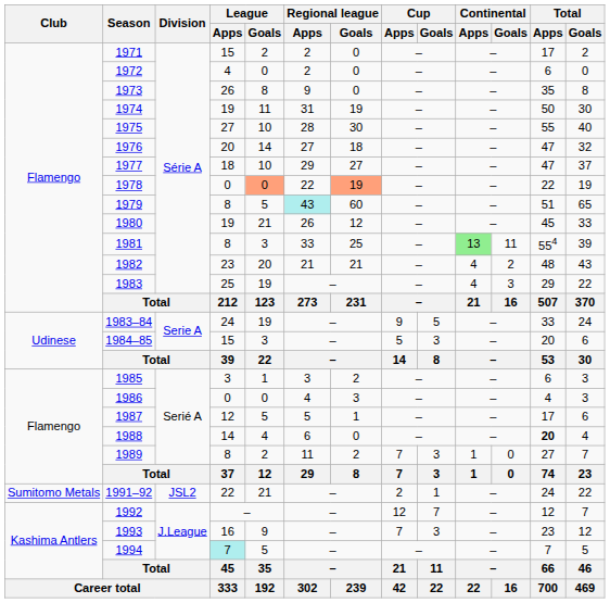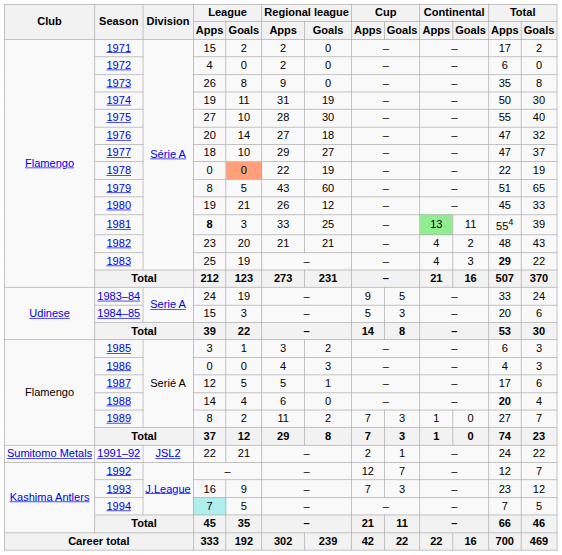 <table class="wikitable" style="text-align:center">
 <tr>
 <th rowspan="2">Club</th>
 <th rowspan="2">Season</th>
 <th rowspan="2">Division</th>
 <th colspan="2">League</th>
 <th colspan="2">Regional league</th>
 <th colspan="2">Cup</th>
 <th colspan="2">Continental</th>
 <th colspan="2">Total</th>
 </tr>
 <tr>
 <th>Apps</th>
 <th>Goals</th>
 <th>Apps</th>
 <th>Goals</th>
 <th>Apps</th>
 <th>Goals</th>
 <th>Apps</th>
 <th>Goals</th>
 <th>Apps</th>
 <th>Goals</th>
 </tr>
 <tr>
 <td rowspan="14"><a href='#'>Flamengo</a></td>
 <td><a href='#'>1971</a></td>
 <td rowspan="13"><a href='#'>Série A</a></td>
 <td>15</td>
 <td>2</td>
 <td>2</td>
 <td>0</td>
 <td colspan="2">–</td>
 <td colspan="2">–</td>
 <td>17</td>
 <td>2</td>
 </tr>
 <tr>
 <td><a href='#'>1972</a></td>
 <td>4</td>
 <td>0</td>
 <td>2</td>
 <td>0</td>
 <td colspan="2">–</td>
 <td colspan="2">–</td>
 <td>6</td>
 <td>0</td>
 </tr>
 <tr>
 <td><a href='#'>1973</a></td>
 <td>26</td>
 <td>8</td>
 <td>9</td>
 <td>0</td>
 <td colspan="2">–</td>
 <td colspan="2">–</td>
 <td>35</td>
 <td>8</td>
 </tr>
 <tr>
 <td><a href='#'>1974</a></td>
 <td>19</td>
 <td>11</td>
 <td>31</td>
 <td>19</td>
 <td colspan="2">–</td>
 <td colspan="2">–</td>
 <td>50</td>
 <td>30</td>
 </tr>
 <tr>
 <td><a href='#'>1975</a></td>
 <td>27</td>
 <td>10</td>
 <td>28</td>
 <td>30</td>
 <td colspan="2">–</td>
 <td colspan="2">–</td>
 <td>55</td>
 <td>40</td>
 </tr>
 <tr>
 <td><a href='#'>1976</a></td>
 <td>20</td>
 <td>14</td>
 <td>27</td>
 <td>18</td>
 <td colspan="2">–</td>
 <td colspan="2">–</td>
 <td>47</td>
 <td>32</td>
 </tr>
 <tr>
 <td><a href='#'>1977</a></td>
 <td>18</td>
 <td>10</td>
 <td>29</td>
 <td>27</td>
 <td colspan="2">–</td>
 <td colspan="2">–</td>
 <td>47</td>
 <td>37</td>
 </tr>
 <tr>
 <td><a href='#'>1978</a></td>
 <td>0</td>
 <td style="background: lightsalmon;">0</td>
 <td>22</td>
-<td style="background: lightsalmon;">19</td>
+<td>19</td>
 <td colspan="2">–</td>
 <td colspan="2">–</td>
 <td>22</td>
 <td>19</td>
 </tr>
 <tr>
 <td><a href='#'>1979</a></td>
 <td>8</td>
 <td>5</td>
-<td style="background: paleturquoise;">43</td>
+<td>43</td>
 <td>60</td>
 <td colspan="2">–</td>
 <td colspan="2">–</td>
 <td>51</td>
 <td>65</td>
 </tr>
 <tr>
 <td><a href='#'>1980</a></td>
 <td>19</td>
 <td>21</td>
 <td>26</td>
 <td>12</td>
 <td colspan="2">–</td>
 <td colspan="2">–</td>
 <td>45</td>
 <td>33</td>
 </tr>
 <tr>
 <td><a href='#'>1981</a></td>
-<td>8</td>
+<td><strong>8</strong></td>
 <td>3</td>
 <td>33</td>
 <td>25</td>
 <td colspan="2">–</td>
 <td style="background: lightgreen;">13</td>
 <td>11</td>
 <td>55<sup>4</sup></td>
 <td>39</td>
 </tr>
 <tr>
 <td><a href='#'>1982</a></td>
 <td>23</td>
 <td>20</td>
 <td>21</td>
 <td>21</td>
 <td colspan="2">–</td>
 <td>4</td>
 <td>2</td>
 <td>48</td>
 <td>43</td>
 </tr>
 <tr>
 <td><a href='#'>1983</a></td>
 <td>25</td>
 <td>19</td>
 <td colspan="2">–</td>
 <td colspan="2">–</td>
 <td>4</td>
 <td>3</td>
-<td>29</td>
+<td><strong>29</strong></td>
 <td>22</td>
 </tr>
 <tr>
 <th colspan="2">Total</th>
 <th>212</th>
 <th>123</th>
 <th>273</th>
 <th>231</th>
 <th colspan="2">–</th>
 <th>21</th>
 <th>16</th>
 <th>507</th>
 <th>370</th>
 </tr>
 <tr>
 <td rowspan="3"><a href='#'>Udinese</a></td>
 <td><a href='#'>1983–84</a></td>
 <td rowspan="2"><a href='#'>Serie A</a></td>
 <td>24</td>
 <td>19</td>
 <td colspan="2">–</td>
 <td>9</td>
 <td>5</td>
 <td colspan="2">–</td>
 <td>33</td>
 <td>24</td>
 </tr>
 <tr>
 <td><a href='#'>1984–85</a></td>
 <td>15</td>
 <td>3</td>
 <td colspan="2">–</td>
 <td>5</td>
 <td>3</td>
 <td colspan="2">–</td>
 <td>20</td>
 <td>6</td>
 </tr>
 <tr>
 <th colspan="2">Total</th>
 <th>39</th>
 <th>22</th>
 <th colspan="2">–</th>
 <th>14</th>
 <th>8</th>
 <th colspan="2">–</th>
 <th>53</th>
 <th>30</th>
 </tr>
 <tr>
 <td rowspan="6">Flamengo</td>
 <td><a href='#'>1985</a></td>
 <td rowspan="5">Serié A</td>
 <td>3</td>
 <td>1</td>
 <td>3</td>
 <td>2</td>
 <td colspan="2">–</td>
 <td colspan="2">–</td>
 <td>6</td>
 <td>3</td>
 </tr>
 <tr>
 <td><a href='#'>1986</a></td>
 <td>0</td>
 <td>0</td>
 <td>4</td>
 <td>3</td>
 <td colspan="2">–</td>
 <td colspan="2">–</td>
 <td>4</td>
 <td>3</td>
 </tr>
 <tr>
 <td><a href='#'>1987</a></td>
 <td>12</td>
 <td>5</td>
 <td>5</td>
 <td>1</td>
 <td colspan="2">–</td>
 <td colspan="2">–</td>
 <td>17</td>
 <td>6</td>
 </tr>
 <tr>
 <td><a href='#'>1988</a></td>
 <td>14</td>
 <td>4</td>
 <td>6</td>
 <td>0</td>
 <td colspan="2">–</td>
 <td colspan="2">–</td>
 <td><strong>20</strong></td>
 <td>4</td>
 </tr>
 <tr>
 <td><a href='#'>1989</a></td>
 <td>8</td>
 <td>2</td>
 <td>11</td>
 <td>2</td>
 <td>7</td>
 <td>3</td>
 <td>1</td>
 <td>0</td>
 <td>27</td>
 <td>7</td>
 </tr>
 <tr>
 <th colspan="2">Total</th>
 <th>37</th>
 <th>12</th>
 <th>29</th>
 <th>8</th>
 <th>7</th>
 <th>3</th>
 <th>1</th>
 <th>0</th>
 <th>74</th>
 <th>23</th>
 </tr>
 <tr>
 <td><a href='#'>Sumitomo Metals</a></td>
 <td><a href='#'>1991–92</a></td>
 <td><a href='#'>JSL2</a></td>
 <td>22</td>
 <td>21</td>
 <td colspan="2">–</td>
 <td>2</td>
 <td>1</td>
 <td colspan="2">–</td>
 <td>24</td>
 <td>22</td>
 </tr>
 <tr>
 <td rowspan="4"><a href='#'>Kashima Antlers</a></td>
 <td><a href='#'>1992</a></td>
 <td rowspan="3"><a href='#'>J.League</a></td>
 <td colspan="2">–</td>
 <td colspan="2">–</td>
 <td>12</td>
 <td>7</td>
 <td colspan="2">–</td>
 <td>12</td>
 <td>7</td>
 </tr>
 <tr>
 <td><a href='#'>1993</a></td>
 <td>16</td>
 <td>9</td>
 <td colspan="2">–</td>
 <td>7</td>
 <td>3</td>
 <td colspan="2">–</td>
 <td>23</td>
 <td>12</td>
 </tr>
 <tr>
 <td><a href='#'>1994</a></td>
 <td style="background: paleturquoise;">7</td>
 <td>5</td>
 <td colspan="2">–</td>
 <td colspan="2">–</td>
 <td colspan="2">–</td>
 <td>7</td>
 <td>5</td>
 </tr>
 <tr>
 <th colspan="2">Total</th>
 <th>45</th>
 <th>35</th>
 <th colspan="2">–</th>
 <th>21</th>
 <th>11</th>
 <th colspan="2">–</th>
 <th>66</th>
 <th>46</th>
 </tr>
 <tr>
 <th colspan="3">Career total</th>
 <th>333</th>
 <th>192</th>
 <th>302</th>
 <th>239</th>
 <th>42</th>
 <th>22</th>
 <th>22</th>
 <th>16</th>
 <th>700</th>
 <th>469</th>
 </tr>
 </table>
